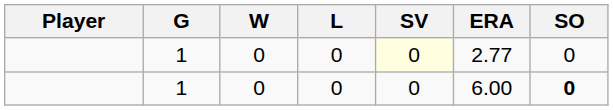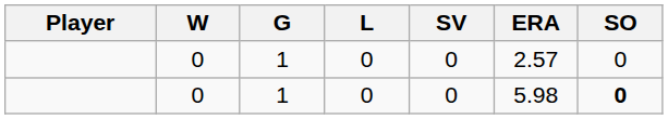 <table class="wikitable sortable">
 <tr>
 <th bgcolor="#DDDDFF" width="16%">Player</th>
+<th bgcolor="#DDDDFF" width="9%">W</th>
 <th bgcolor="#DDDDFF" width="9%">G</th>
-<th bgcolor="#DDDDFF" width="9%">W</th>
 <th bgcolor="#DDDDFF" width="9%">L</th>
 <th bgcolor="#DDDDFF" width="9%">SV</th>
 <th bgcolor="#DDDDFF" width="9%">ERA</th>
 <th bgcolor="#DDDDFF" width="9%">SO</th>
 </tr>
 <tr align="center">
 <td></td>
+<td>0</td>
 <td>1</td>
 <td>0</td>
 <td>0</td>
-<td style="background: lightyellow;">0</td>
-<td>2.77</td>
+<td>2.57</td>
 <td>0</td>
 </tr>
 <tr align="center">
 <td></td>
+<td>0</td>
 <td>1</td>
 <td>0</td>
 <td>0</td>
-<td>0</td>
-<td>6.00</td>
+<td>5.98</td>
 <td><strong>0</strong></td>
 </tr>
 </table>
